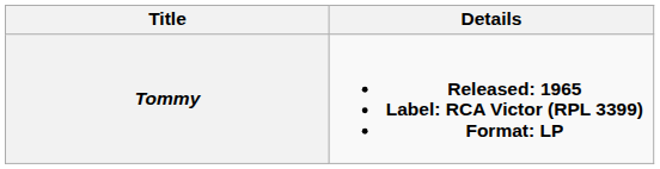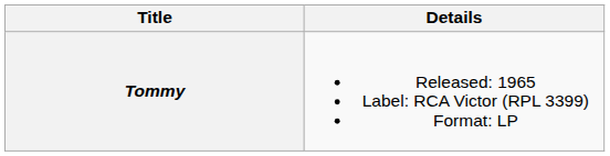 <table class="wikitable plainrowheaders" style="text-align:center;" border="1">
 <tr>
 <th scope="col" style="width:17em;">Title</th>
 <th scope="col" style="width:17em;">Details</th>
 </tr>
 <tr>
 <th scope="row"><em>Tommy<strong></th>
-<td><strong><br><ul><li>Released: 1965</li><li>Label: RCA Victor (RPL 3399)</li><li>Format: LP</li></ul></strong></td>
+<td><br><ul><li>Released: 1965</li><li>Label: RCA Victor (RPL 3399)</li><li>Format: LP</li></ul></td>
 </tr>
 </table>
